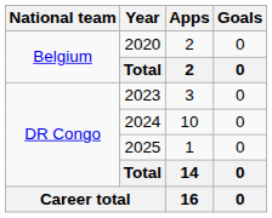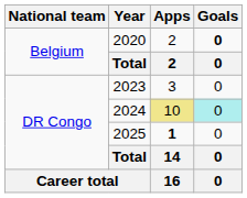 <table class="wikitable" style="text-align:center">
 <tr>
 <th>National team</th>
 <th>Year</th>
 <th>Apps</th>
 <th>Goals</th>
 </tr>
 <tr>
 <td rowspan=2><a href='#'>Belgium</a></td>
 <td>2020</td>
 <td>2</td>
-<td>0</td>
+<td><strong>0</strong></td>
 </tr>
 <tr>
 <th>Total</th>
 <th>2</th>
 <th>0</th>
 </tr>
 <tr>
 <td rowspan=4><a href='#'>DR Congo</a></td>
 <td>2023</td>
 <td>3</td>
 <td>0</td>
 </tr>
 <tr>
 <td>2024</td>
-<td>10</td>
-<td>0</td>
+<td style="background: khaki;">10</td>
+<td style="background: paleturquoise;">0</td>
 </tr>
 <tr>
 <td>2025</td>
-<td>1</td>
+<td><strong>1</strong></td>
 <td>0</td>
 </tr>
 <tr>
 <th>Total</th>
 <th>14</th>
 <th>0</th>
 </tr>
 <tr>
 <th colspan=2>Career total</th>
 <th>16</th>
 <th>0</th>
 </tr>
 </table>
